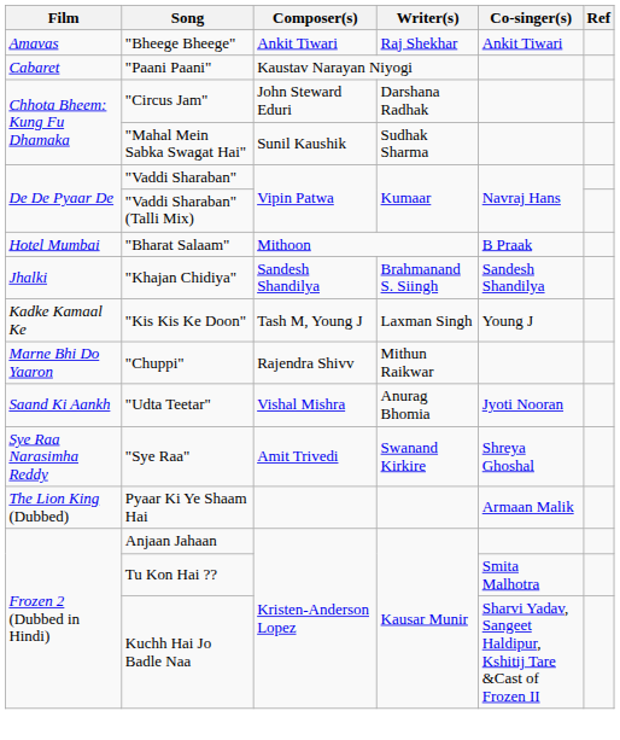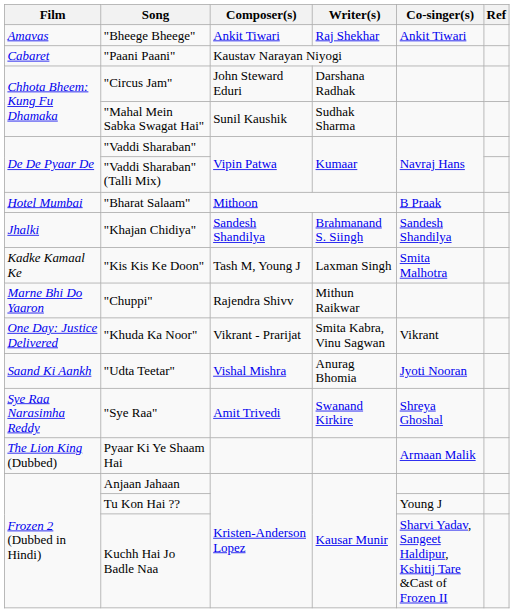 <table class="wikitable plainrowheaders" width="100%">
 <tr>
 <th width=20%>Film</th>
 <th width=23%>Song</th>
 <th width=21%>Composer(s)</th>
 <th width=17%>Writer(s)</th>
 <th width=18%>Co-singer(s)</th>
 <th width=1%>Ref</th>
 </tr>
 <tr>
 <td><em><a href='#'>Amavas</a></em></td>
 <td>"Bheege Bheege"</td>
 <td><a href='#'>Ankit Tiwari</a></td>
 <td><a href='#'>Raj Shekhar</a></td>
 <td><a href='#'>Ankit Tiwari</a></td>
 <td></td>
 </tr>
 <tr>
 <td><em><a href='#'>Cabaret</a></em></td>
 <td>"Paani Paani"</td>
 <td colspan="2">Kaustav Narayan Niyogi</td>
 <td></td>
 <td></td>
 </tr>
 <tr>
 <td rowspan="2"><em><a href='#'>Chhota Bheem: Kung Fu Dhamaka</a></em></td>
 <td>"Circus Jam"</td>
 <td>John Steward Eduri</td>
 <td>Darshana Radhak</td>
 <td></td>
 <td></td>
 </tr>
 <tr>
 <td>"Mahal Mein Sabka Swagat Hai"</td>
 <td>Sunil Kaushik</td>
 <td>Sudhak Sharma</td>
 <td></td>
 <td></td>
 </tr>
 <tr>
 <td rowspan="2"><em><a href='#'>De De Pyaar De</a></em></td>
 <td>"Vaddi Sharaban"</td>
 <td rowspan="2"><a href='#'>Vipin Patwa</a></td>
 <td rowspan="2"><a href='#'>Kumaar</a></td>
 <td rowspan="2"><a href='#'>Navraj Hans</a></td>
 <td></td>
 </tr>
 <tr>
 <td>"Vaddi Sharaban" (Talli Mix)</td>
 <td></td>
 </tr>
 <tr>
 <td><em><a href='#'>Hotel Mumbai</a></em></td>
 <td>"Bharat Salaam"</td>
 <td colspan="2"><a href='#'>Mithoon</a></td>
 <td><a href='#'>B Praak</a></td>
 <td></td>
 </tr>
 <tr>
 <td><em><a href='#'>Jhalki</a></em></td>
 <td>"Khajan Chidiya"</td>
 <td><a href='#'>Sandesh Shandilya</a></td>
 <td><a href='#'>Brahmanand S. Siingh</a></td>
 <td><a href='#'>Sandesh Shandilya</a></td>
 <td></td>
 </tr>
 <tr>
 <td><em>Kadke Kamaal Ke</em></td>
 <td>"Kis Kis Ke Doon"</td>
 <td>Tash M, Young J</td>
 <td>Laxman Singh</td>
-<td>Young J</td>
+<td><a href='#'>Smita Malhotra</a></td>
 <td></td>
 </tr>
 <tr>
 <td><em><a href='#'>Marne Bhi Do Yaaron</a></em></td>
 <td>"Chuppi"</td>
 <td>Rajendra Shivv</td>
 <td>Mithun Raikwar</td>
 <td></td>
+<td></td>
+</tr>
+<tr>
+<td><em><a href='#'>One Day: Justice Delivered</a></em></td>
+<td>"Khuda Ka Noor"</td>
+<td>Vikrant - Prarijat</td>
+<td>Smita Kabra, Vinu Sagwan</td>
+<td>Vikrant</td>
 <td></td>
 </tr>
 <tr>
 <td><em><a href='#'>Saand Ki Aankh</a></em></td>
 <td>"Udta Teetar"</td>
 <td><a href='#'>Vishal Mishra</a></td>
 <td>Anurag Bhomia</td>
 <td><a href='#'>Jyoti Nooran</a></td>
 <td></td>
 </tr>
 <tr>
 <td><em><a href='#'>Sye Raa Narasimha Reddy</a></em></td>
 <td>"Sye Raa"</td>
 <td><a href='#'>Amit Trivedi</a></td>
 <td><a href='#'>Swanand Kirkire</a></td>
 <td><a href='#'>Shreya Ghoshal</a></td>
 <td></td>
 </tr>
 <tr>
 <td scope="row"><em><a href='#'>The Lion King</a></em> (Dubbed)</td>
 <td>Pyaar Ki Ye Shaam Hai</td>
 <td></td>
 <td></td>
 <td><a href='#'>Armaan Malik</a></td>
 <td></td>
 </tr>
 <tr>
 <td scope="row" rowspan="3"><em><a href='#'>Frozen 2</a></em> (Dubbed in Hindi)</td>
 <td>Anjaan Jahaan</td>
 <td scope="row" rowspan="3"><a href='#'>Kristen-Anderson Lopez</a></td>
 <td scope="row" rowspan="3"><a href='#'>Kausar Munir</a></td>
 <td></td>
 <td></td>
 </tr>
 <tr>
 <td>Tu Kon Hai ??</td>
-<td><a href='#'>Smita Malhotra</a></td>
+<td>Young J</td>
 <td></td>
 </tr>
 <tr>
 <td>Kuchh Hai Jo Badle Naa</td>
 <td><a href='#'>Sharvi Yadav</a>, <a href='#'>Sangeet Haldipur</a>, <a href='#'>Kshitij Tare</a> &Cast of <a href='#'>Frozen II</a></td>
 <td></td>
 </tr>
 </table>
